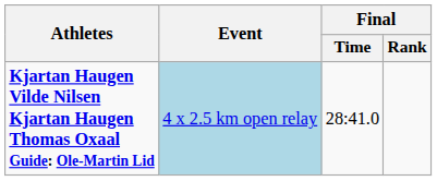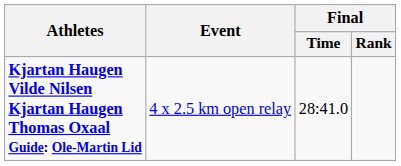 <table class="wikitable" style="font-size:90%">
 <tr>
 <th rowspan=2>Athletes</th>
 <th rowspan=2>Event</th>
 <th colspan=2>Final</th>
 </tr>
 <tr style="font-size:95%">
 <th>Time</th>
 <th>Rank</th>
 </tr>
 <tr align=center>
 <td align=left><strong><a href='#'>Kjartan Haugen</a><br><a href='#'>Vilde Nilsen</a><br><a href='#'>Kjartan Haugen</a><br><a href='#'>Thomas Oxaal</a><br><small><a href='#'>Guide</a>: <a href='#'>Ole-Martin Lid</a></small></strong></td>
-<td align=left style="background: lightblue;"><a href='#'>4 x 2.5 km open relay</a></td>
+<td align=left><a href='#'>4 x 2.5 km open relay</a></td>
 <td>28:41.0</td>
 <td></td>
 </tr>
 </table>
